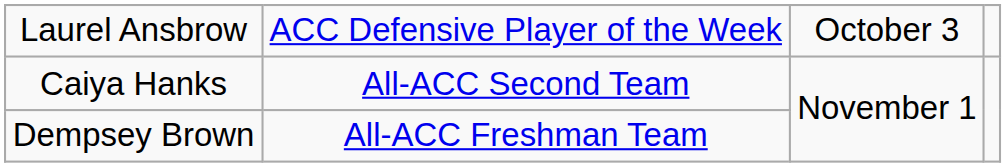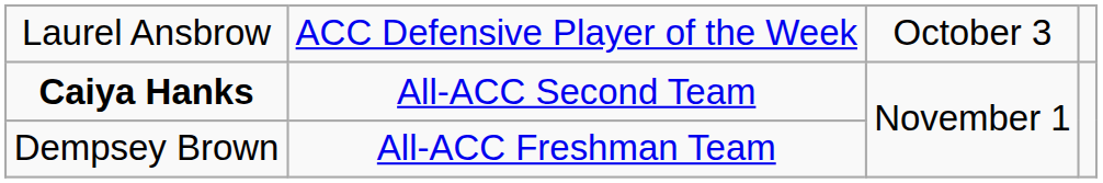 <table class="wikitable sortable" style="text-align: center">
 <tr>
 <td>Laurel Ansbrow</td>
 <td><a href='#'>ACC Defensive Player of the Week</a></td>
 <td>October 3</td>
 <td></td>
 </tr>
 <tr>
-<td>Caiya Hanks</td>
+<td><strong>Caiya Hanks</strong></td>
 <td><a href='#'>All-ACC Second Team</a></td>
 <td rowspan=2>November 1</td>
 <td rowspan=2></td>
 </tr>
 <tr>
 <td>Dempsey Brown</td>
 <td><a href='#'>All-ACC Freshman Team</a></td>
 </tr>
 </table>
